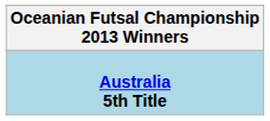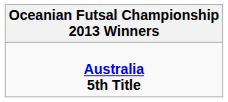 <table class="wikitable" style="text-align: center; margin: 0 auto;">
 <tr>
 <th>Oceanian Futsal Championship <br>2013 Winners</th>
 </tr>
 <tr>
-<td style="background: lightblue;"><br><strong><a href='#'>Australia</a></strong><br><strong>5th Title</strong></td>
+<td><br><strong><a href='#'>Australia</a></strong><br><strong>5th Title</strong></td>
 </tr>
 </table>
